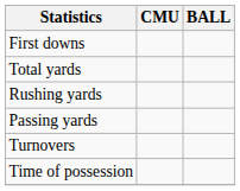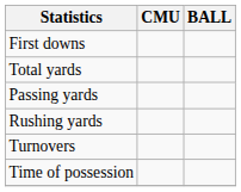 <table class="wikitable">
 <tr>
 <th>Statistics</th>
 <th>CMU</th>
 <th>BALL</th>
 </tr>
 <tr>
 <td>First downs</td>
 <td></td>
 <td></td>
 </tr>
 <tr>
 <td>Total yards</td>
 <td></td>
 <td></td>
 </tr>
 <tr>
-<td>Rushing yards</td>
+<td>Passing yards</td>
 <td></td>
 <td></td>
 </tr>
 <tr>
-<td>Passing yards</td>
+<td>Rushing yards</td>
 <td></td>
 <td></td>
 </tr>
 <tr>
 <td>Turnovers</td>
 <td></td>
 <td></td>
 </tr>
 <tr>
 <td>Time of possession</td>
 <td></td>
 <td></td>
 </tr>
 <tr>
 </tr>
 </table>
